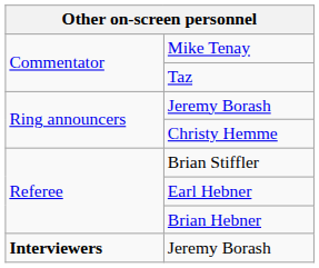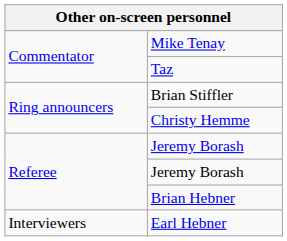 <table align="right" class="wikitable" style="border:1px; font-size:90%; margin-left:1em;">
 <tr>
 <th colspan="2" width="250"><strong>Other on-screen personnel</strong></th>
 </tr>
 <tr>
 <td rowspan=2><a href='#'>Commentator</a></td>
 <td><a href='#'>Mike Tenay</a></td>
 </tr>
 <tr>
 <td><a href='#'>Taz</a></td>
 </tr>
 <tr>
 <td rowspan=2><a href='#'>Ring announcers</a></td>
-<td><a href='#'>Jeremy Borash</a></td>
+<td>Brian Stiffler</td>
 </tr>
 <tr>
 <td><a href='#'>Christy Hemme</a></td>
 </tr>
 <tr>
 <td rowspan=3><a href='#'>Referee</a></td>
-<td>Brian Stiffler</td>
+<td><a href='#'>Jeremy Borash</a></td>
 </tr>
 <tr>
-<td><a href='#'>Earl Hebner</a></td>
+<td>Jeremy Borash</td>
 </tr>
 <tr>
 <td><a href='#'>Brian Hebner</a></td>
 </tr>
 <tr>
-<td rowspan=1><strong>Interviewers</strong></td>
-<td>Jeremy Borash</td>
+<td rowspan=1>Interviewers</td>
+<td><a href='#'>Earl Hebner</a></td>
 </tr>
 <tr>
 </tr>
 </table>
